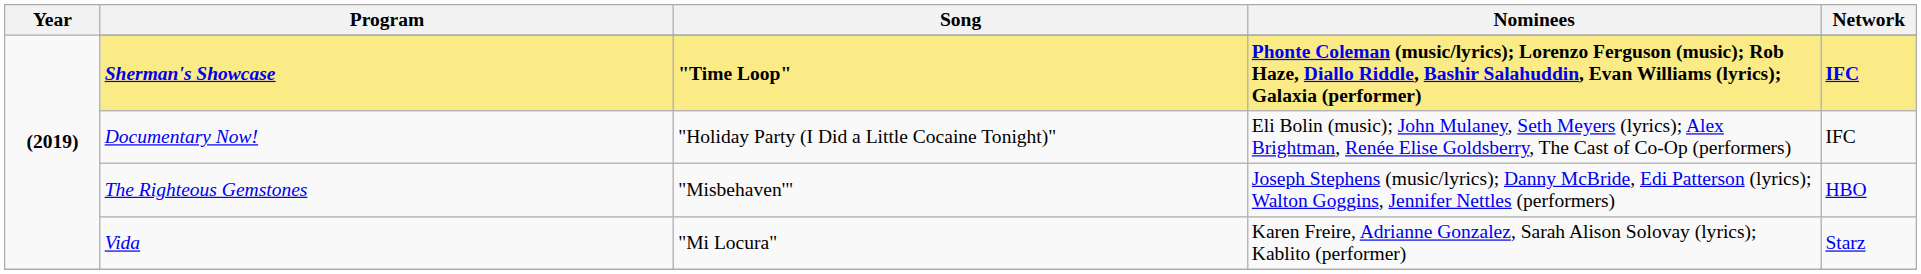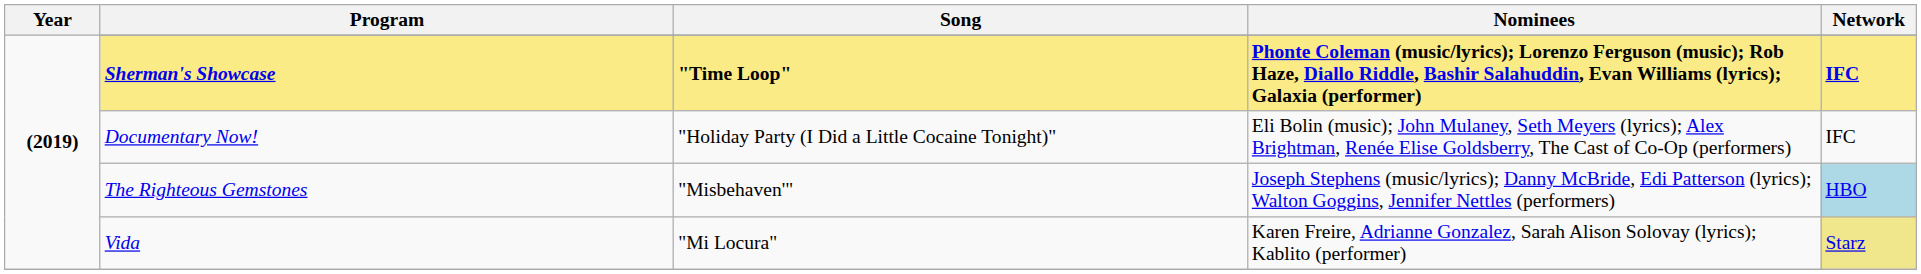 <table class="wikitable" style="width:99%;" cellpadding="5">
 <tr>
 <th width="5%">Year</th>
 <th width="30%">Program</th>
 <th width="30%">Song</th>
 <th width="30%">Nominees</th>
 <th width="5%">Network</th>
 </tr>
 <tr>
 <td rowspan=5 style="text-align:center"><strong>(2019)</strong><br> <br></td>
 </tr>
 <tr style="background:#FAEB86">
 <td><strong><em><a href='#'>Sherman's Showcase</a></em></strong></td>
 <td><strong>"Time Loop"</strong></td>
 <td><strong><a href='#'>Phonte Coleman</a> (music/lyrics); Lorenzo Ferguson (music); Rob Haze, <a href='#'>Diallo Riddle</a>, <a href='#'>Bashir Salahuddin</a>, Evan Williams (lyrics); Galaxia (performer)</strong></td>
 <td><strong><a href='#'>IFC</a></strong></td>
 </tr>
 <tr>
 <td><em><a href='#'>Documentary Now!</a></em></td>
 <td>"Holiday Party (I Did a Little Cocaine Tonight)"</td>
 <td>Eli Bolin (music); <a href='#'>John Mulaney</a>, <a href='#'>Seth Meyers</a> (lyrics); <a href='#'>Alex Brightman</a>, <a href='#'>Renée Elise Goldsberry</a>, The Cast of Co-Op (performers)</td>
 <td>IFC</td>
 </tr>
 <tr>
 <td><em><a href='#'>The Righteous Gemstones</a></em></td>
 <td>"Misbehaven'"</td>
 <td><a href='#'>Joseph Stephens</a> (music/lyrics); <a href='#'>Danny McBride</a>, <a href='#'>Edi Patterson</a> (lyrics); <a href='#'>Walton Goggins</a>, <a href='#'>Jennifer Nettles</a> (performers)</td>
-<td><a href='#'>HBO</a></td>
+<td style="background: lightblue;"><a href='#'>HBO</a></td>
 </tr>
 <tr>
 <td><em><a href='#'>Vida</a></em></td>
 <td>"Mi Locura"</td>
 <td>Karen Freire, <a href='#'>Adrianne Gonzalez</a>, Sarah Alison Solovay (lyrics); Kablito (performer)</td>
-<td><a href='#'>Starz</a></td>
+<td style="background: khaki;"><a href='#'>Starz</a></td>
 </tr>
 <tr>
 </tr>
 </table>
